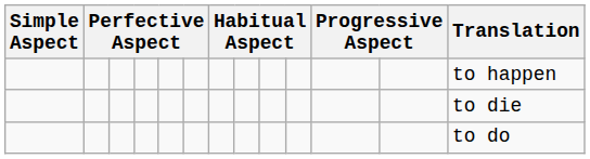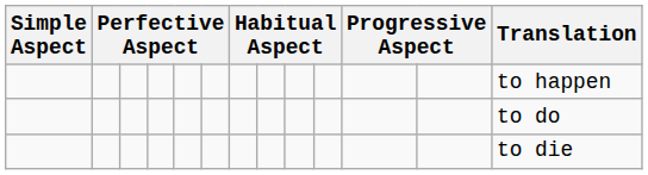 <table class="wikitable">
 <tr>
 <th>Simple<br>Aspect</th>
 <th colspan="5">Perfective<br>Aspect</th>
 <th colspan="4">Habitual<br>Aspect</th>
 <th colspan="2">Progressive<br>Aspect</th>
 <th>Translation</th>
 </tr>
 <tr>
 <td></td>
 <td></td>
 <td></td>
 <td></td>
 <td></td>
 <td></td>
 <td></td>
 <td></td>
 <td></td>
 <td></td>
 <td></td>
 <td></td>
 <td>to happen</td>
 </tr>
 <tr>
 <td></td>
 <td></td>
 <td></td>
 <td></td>
 <td></td>
 <td></td>
 <td></td>
 <td></td>
 <td></td>
 <td></td>
 <td></td>
 <td></td>
-<td>to die</td>
+<td>to do</td>
 </tr>
 <tr>
 <td></td>
 <td></td>
 <td></td>
 <td></td>
 <td></td>
 <td></td>
 <td></td>
 <td></td>
 <td></td>
 <td></td>
 <td></td>
 <td></td>
-<td>to do</td>
+<td>to die</td>
 </tr>
 </table>
